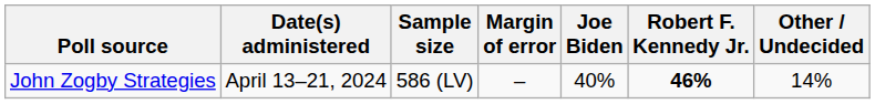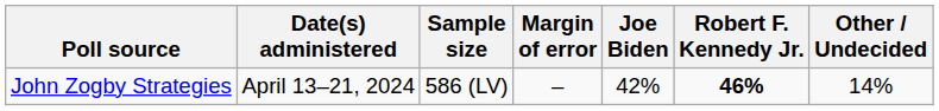 <table class="wikitable sortable mw-datatable" style="font-size:90%;text-align:center;line-height:17px">
 <tr valign=bottom>
 <th>Poll source</th>
 <th>Date(s)<br>administered</th>
 <th>Sample<br>size</th>
 <th>Margin<br>of error</th>
 <th class="unsortable">Joe<br>Biden<br></th>
 <th class="unsortable">Robert F.<br>Kennedy Jr.<br></th>
 <th class="unsortable">Other /<br>Undecided</th>
 </tr>
 <tr>
 <td style="text-align:left;"><a href='#'>John Zogby Strategies</a></td>
 <td data-sort-value="2024-05-01">April 13–21, 2024</td>
 <td>586 (LV)</td>
 <td>–</td>
-<td>40%</td>
+<td>42%</td>
 <td style="background-color:"><strong>46%</strong></td>
 <td>14%</td>
 </tr>
 </table>
